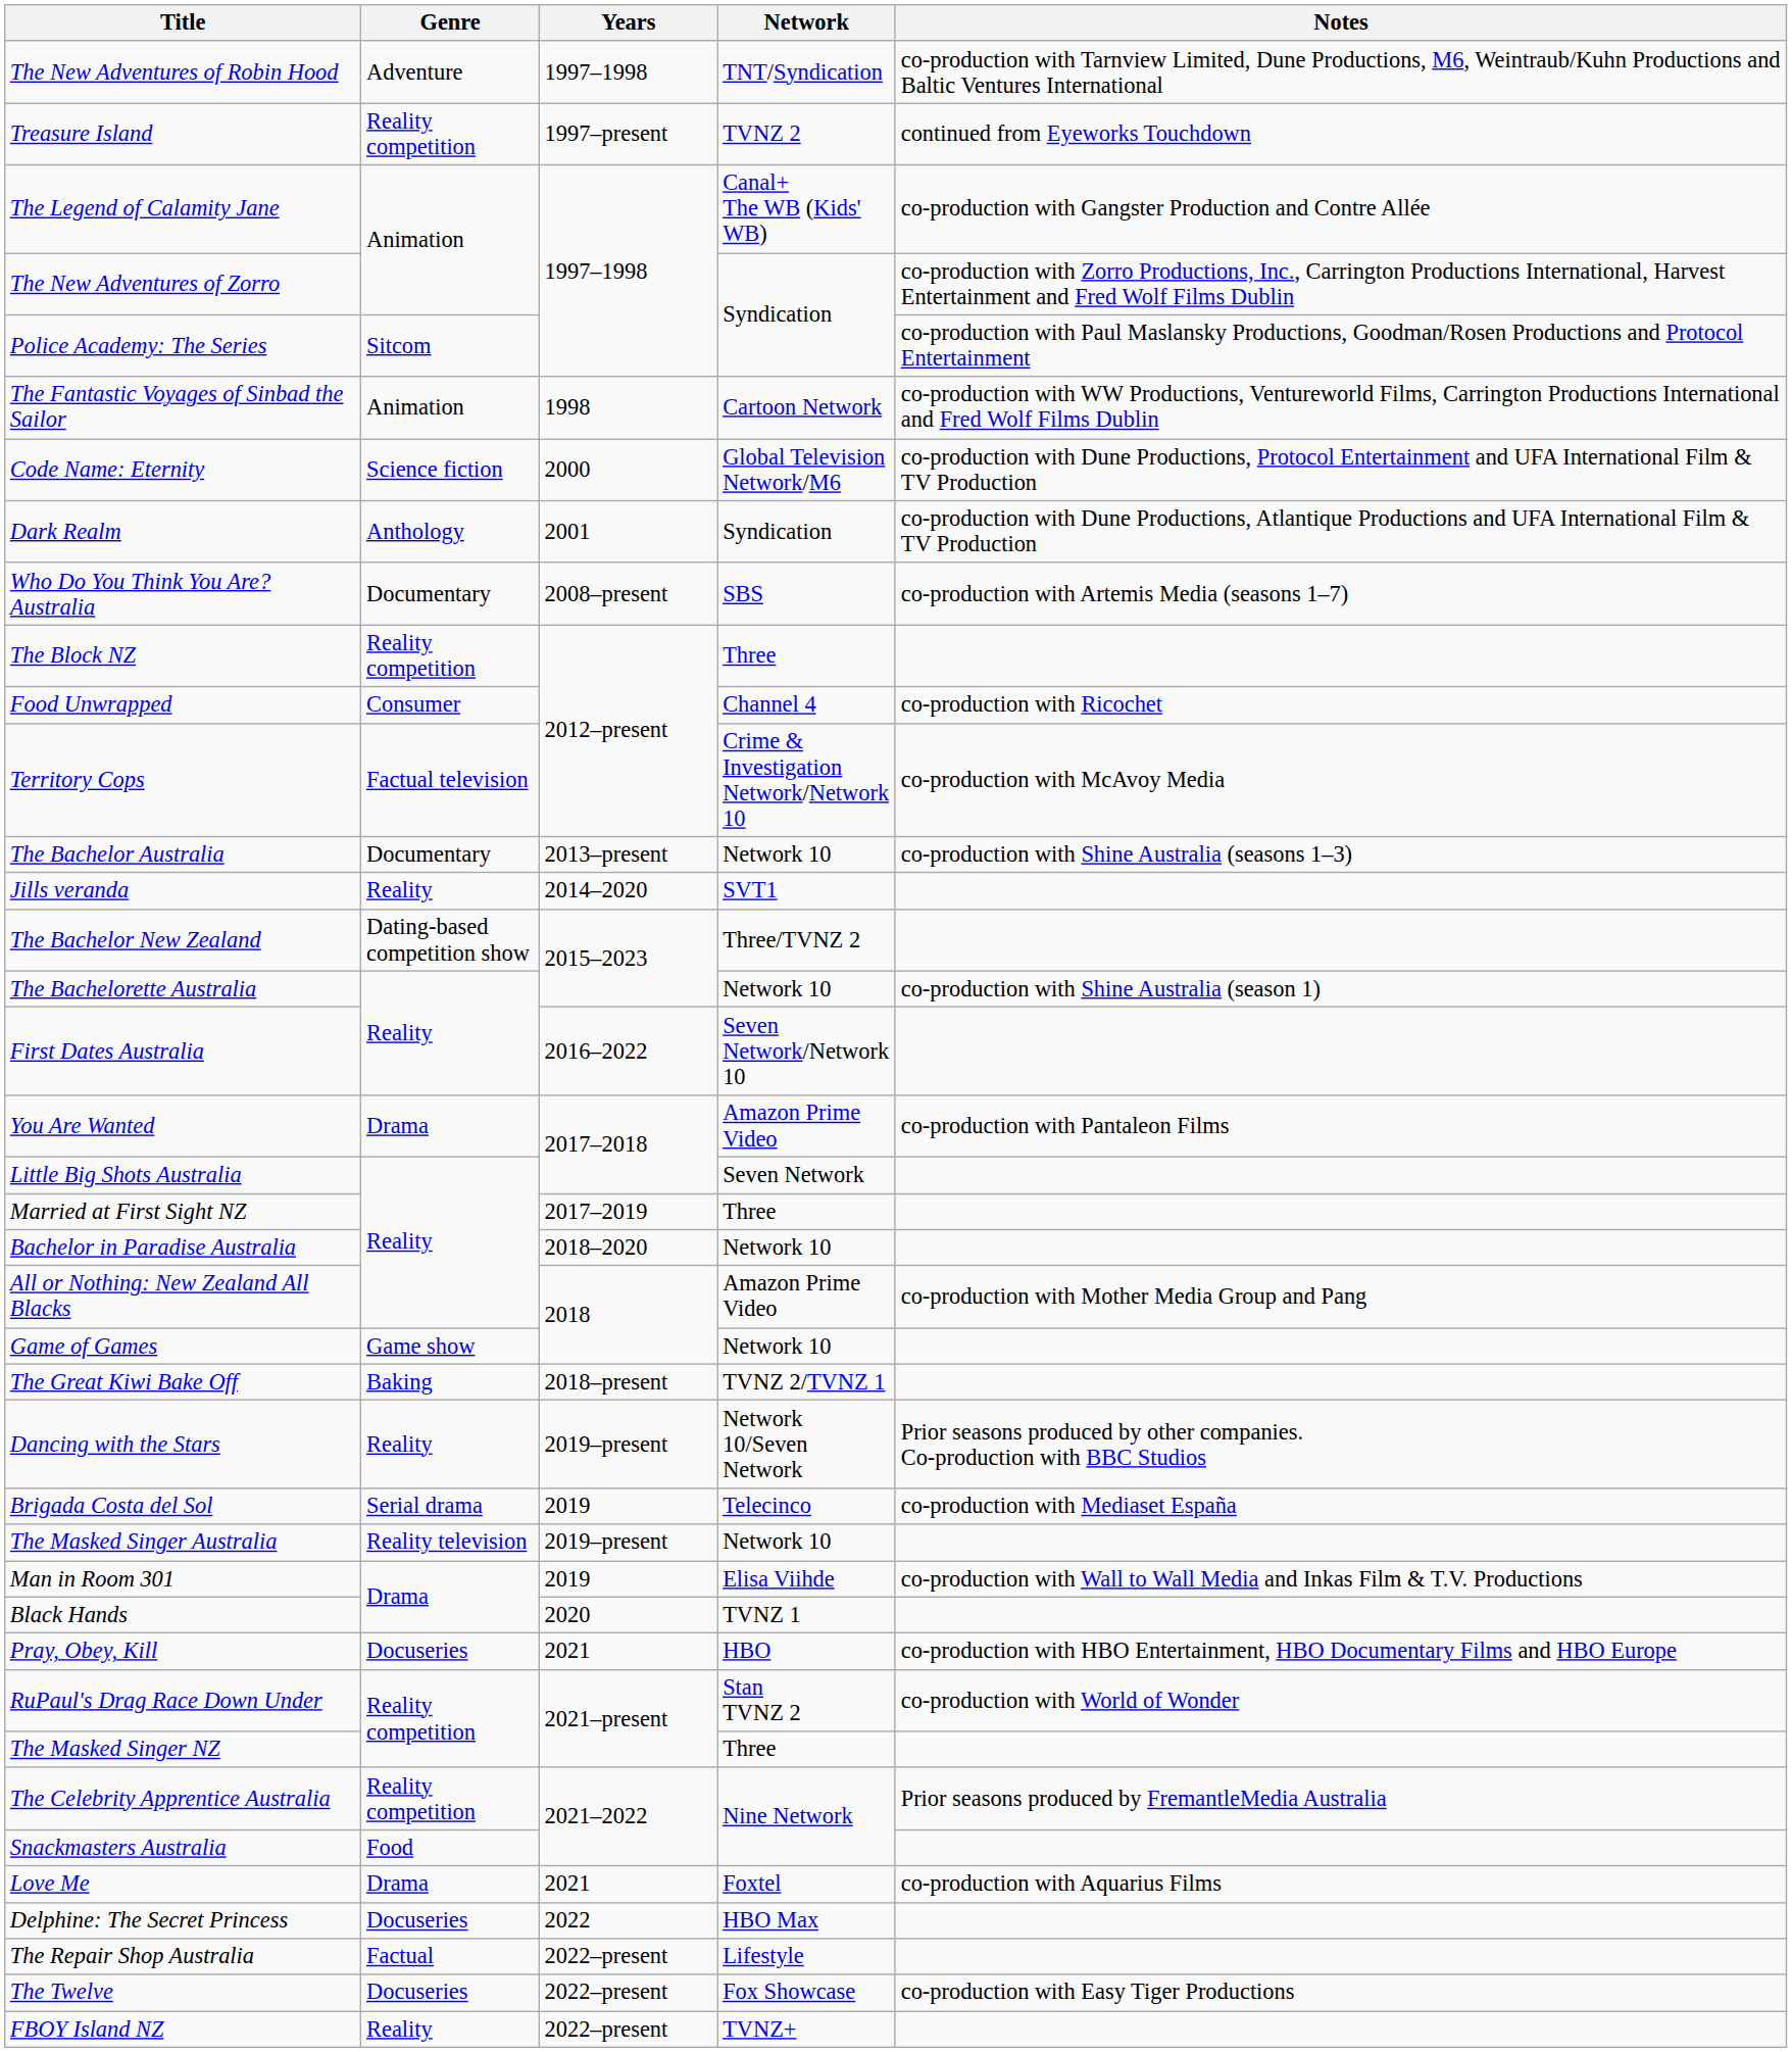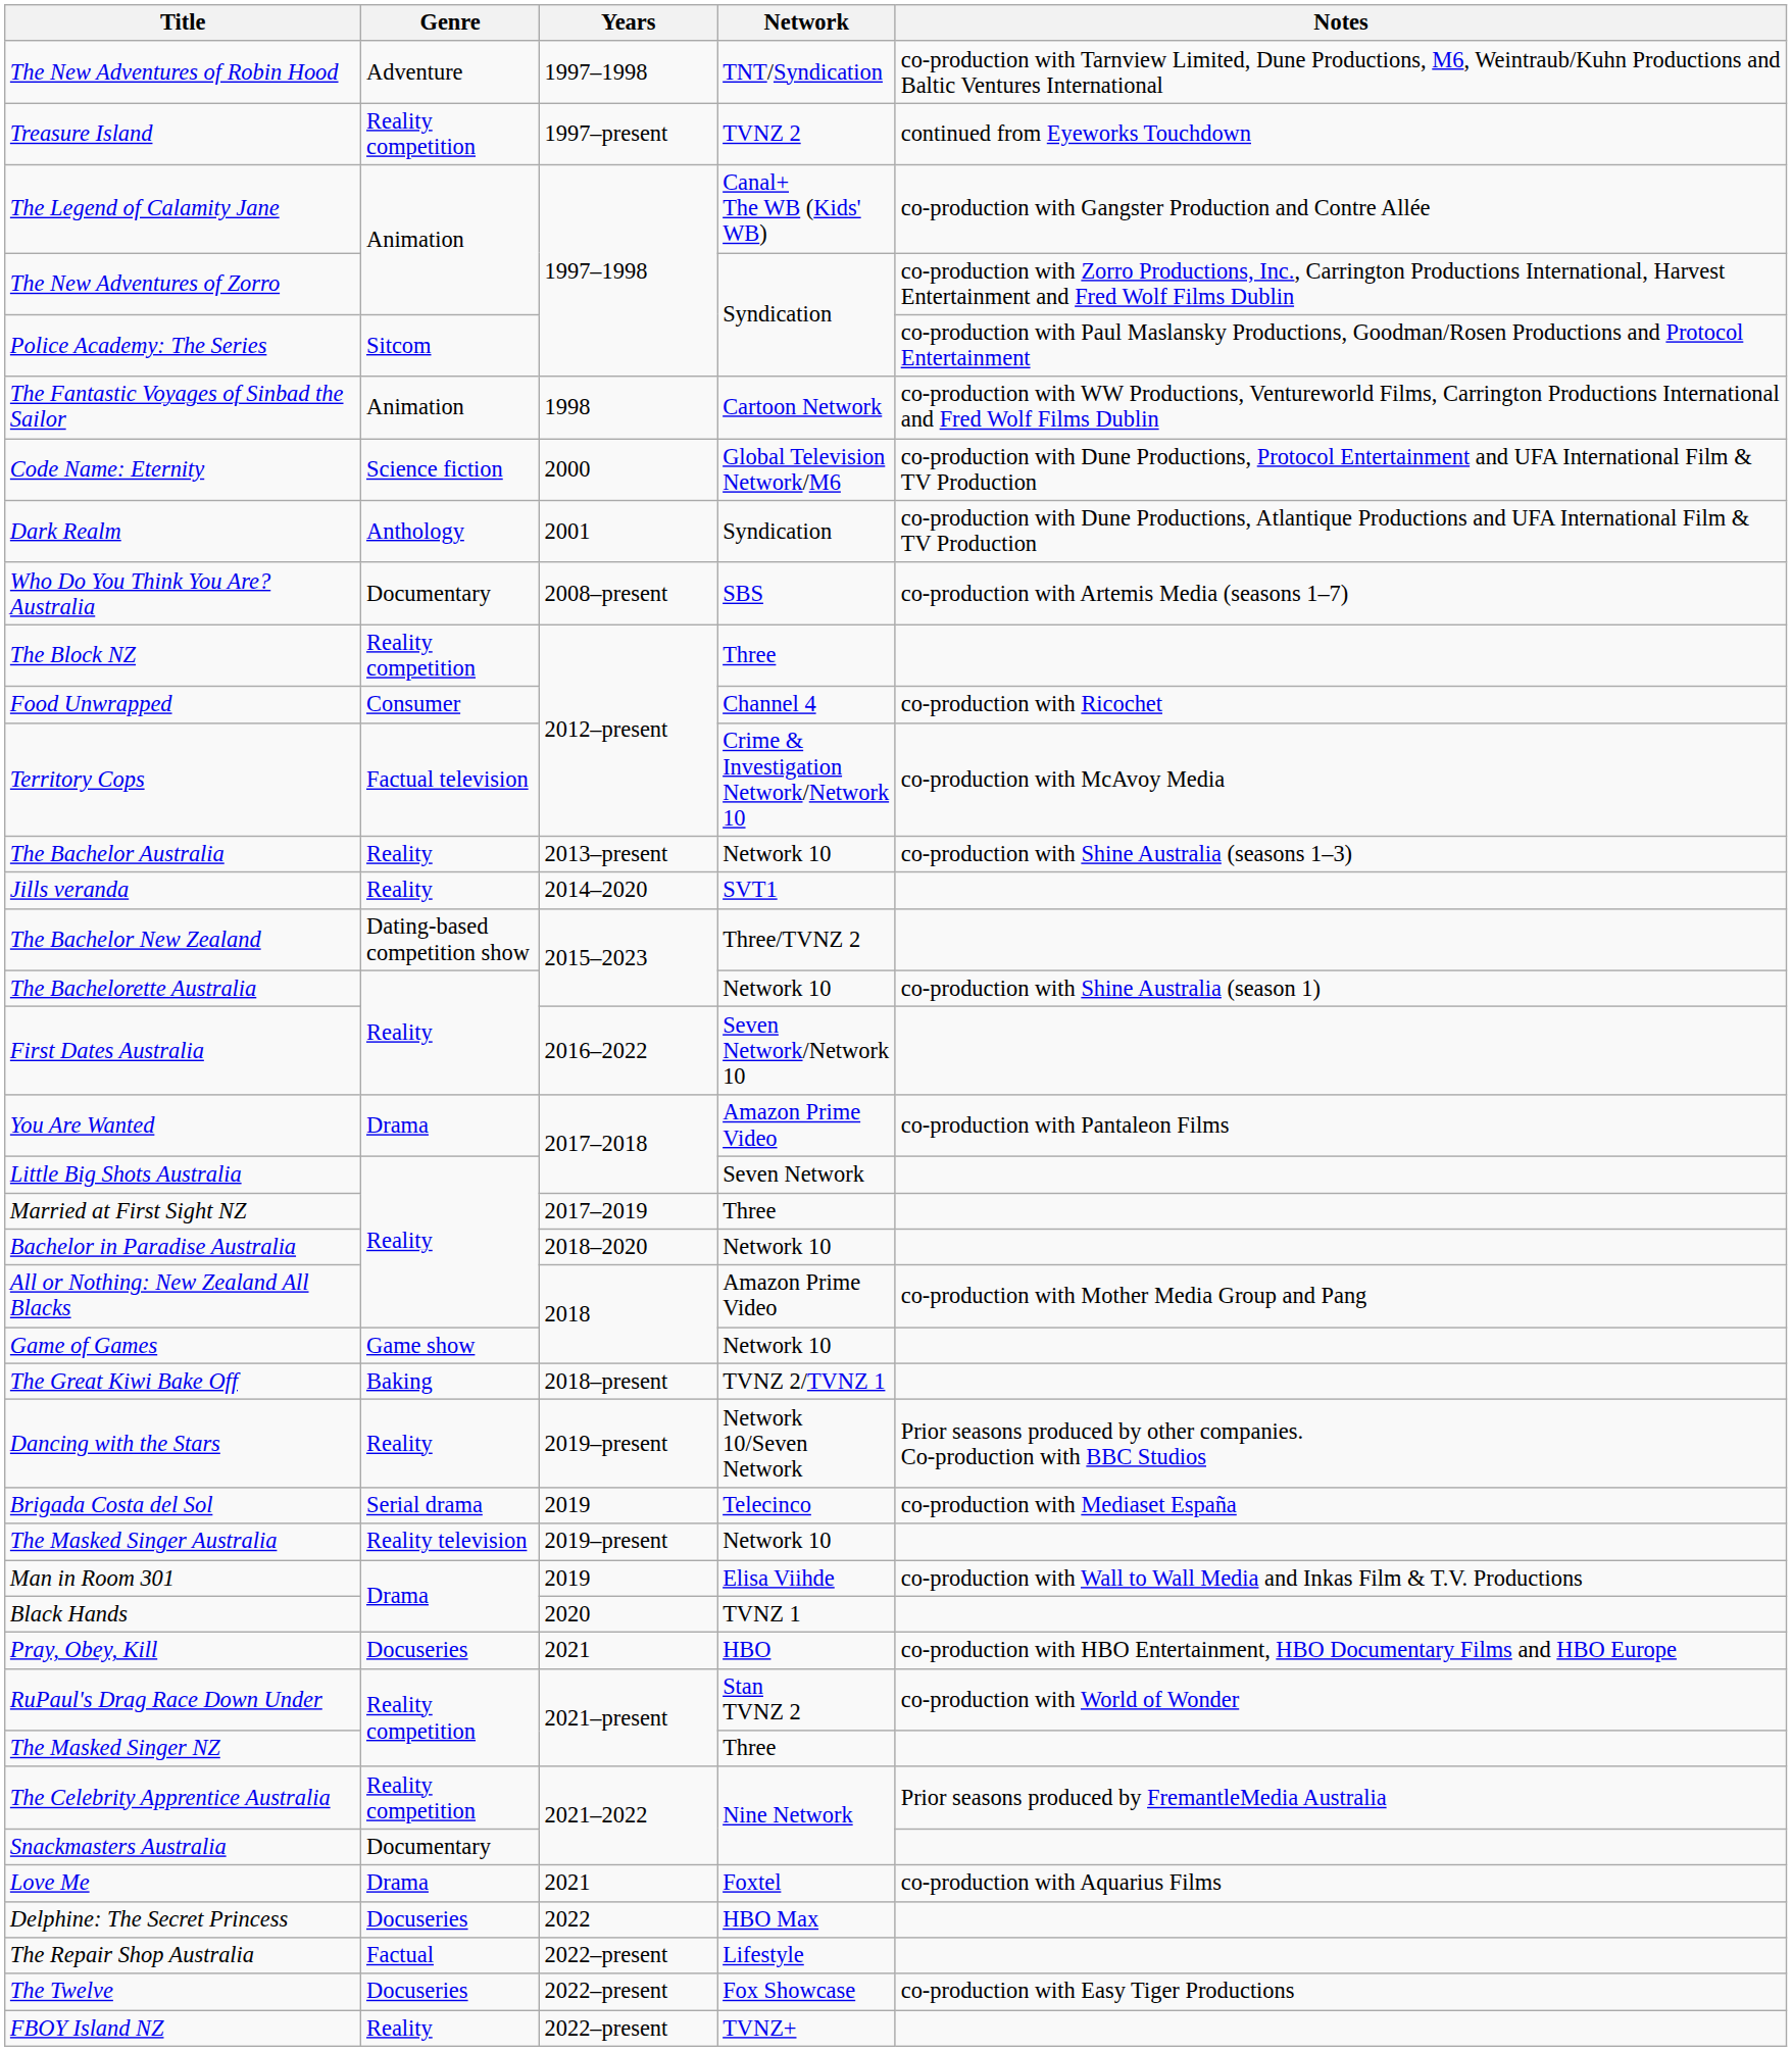 <table class="wikitable sortable">
 <tr>
 <th style="width:20%;">Title</th>
 <th style="width:10%;">Genre</th>
 <th style="width:10%;">Years</th>
 <th style="width:10%;">Network</th>
 <th style="width:60%;">Notes</th>
 </tr>
 <tr>
 <td><em><a href='#'>The New Adventures of Robin Hood</a></em></td>
 <td>Adventure</td>
 <td>1997–1998</td>
 <td><a href='#'>TNT</a>/<a href='#'>Syndication</a></td>
 <td>co-production with Tarnview Limited, Dune Productions, <a href='#'>M6</a>, Weintraub/Kuhn Productions and Baltic Ventures International</td>
 </tr>
 <tr>
 <td><em><a href='#'>Treasure Island</a></em></td>
 <td><a href='#'>Reality competition</a></td>
 <td>1997–present</td>
 <td><a href='#'>TVNZ 2</a></td>
 <td>continued from <a href='#'>Eyeworks Touchdown</a></td>
 </tr>
 <tr>
 <td><em><a href='#'>The Legend of Calamity Jane</a></em></td>
 <td rowspan="2">Animation</td>
 <td rowspan="3">1997–1998</td>
 <td><a href='#'>Canal+</a><br><a href='#'>The WB</a> (<a href='#'>Kids' WB</a>)</td>
 <td>co-production with Gangster Production and Contre Allée</td>
 </tr>
 <tr>
 <td><em><a href='#'>The New Adventures of Zorro</a></em></td>
 <td rowspan="2">Syndication</td>
 <td>co-production with <a href='#'>Zorro Productions, Inc.</a>, Carrington Productions International, Harvest Entertainment and <a href='#'>Fred Wolf Films Dublin</a></td>
 </tr>
 <tr>
 <td><em><a href='#'>Police Academy: The Series</a></em></td>
 <td><a href='#'>Sitcom</a></td>
 <td>co-production with Paul Maslansky Productions, Goodman/Rosen Productions and <a href='#'>Protocol Entertainment</a></td>
 </tr>
 <tr>
 <td><em><a href='#'>The Fantastic Voyages of Sinbad the Sailor</a></em></td>
 <td>Animation</td>
 <td>1998</td>
 <td><a href='#'>Cartoon Network</a></td>
 <td>co-production with WW Productions, Ventureworld Films, Carrington Productions International and <a href='#'>Fred Wolf Films Dublin</a></td>
 </tr>
 <tr>
 <td><em><a href='#'>Code Name: Eternity</a></em></td>
 <td><a href='#'>Science fiction</a></td>
 <td>2000</td>
 <td><a href='#'>Global Television Network</a>/<a href='#'>M6</a></td>
 <td>co-production with Dune Productions, <a href='#'>Protocol Entertainment</a> and UFA International Film & TV Production</td>
 </tr>
 <tr>
 <td><em><a href='#'>Dark Realm</a></em></td>
 <td><a href='#'>Anthology</a></td>
 <td>2001</td>
 <td>Syndication</td>
 <td>co-production with Dune Productions, Atlantique Productions and UFA International Film & TV Production</td>
 </tr>
 <tr>
 <td><em><a href='#'>Who Do You Think You Are? Australia</a></em></td>
 <td>Documentary</td>
 <td>2008–present</td>
 <td><a href='#'>SBS</a></td>
 <td>co-production with Artemis Media (seasons 1–7)</td>
 </tr>
 <tr>
 <td><em><a href='#'>The Block NZ</a></em></td>
 <td><a href='#'>Reality competition</a></td>
 <td rowspan="3">2012–present</td>
 <td><a href='#'>Three</a></td>
 <td></td>
 </tr>
 <tr>
 <td><em><a href='#'>Food Unwrapped</a></em></td>
 <td><a href='#'>Consumer</a></td>
 <td><a href='#'>Channel 4</a></td>
 <td>co-production with <a href='#'>Ricochet</a></td>
 </tr>
 <tr>
 <td><em><a href='#'>Territory Cops</a></em></td>
 <td><a href='#'>Factual television</a></td>
 <td><a href='#'>Crime & Investigation Network</a>/<a href='#'>Network 10</a></td>
 <td>co-production with McAvoy Media</td>
 </tr>
 <tr>
 <td><em><a href='#'>The Bachelor Australia</a></em></td>
-<td>Documentary</td>
+<td><a href='#'>Reality</a></td>
 <td>2013–present</td>
 <td>Network 10</td>
 <td>co-production with <a href='#'>Shine Australia</a> (seasons 1–3)</td>
 </tr>
 <tr>
 <td><em><a href='#'>Jills veranda</a></em></td>
 <td><a href='#'>Reality</a></td>
 <td>2014–2020</td>
 <td><a href='#'>SVT1</a></td>
 <td></td>
 </tr>
 <tr>
 <td><em><a href='#'>The Bachelor New Zealand</a></em></td>
 <td>Dating-based competition show</td>
 <td rowspan="2">2015–2023</td>
 <td>Three/TVNZ 2</td>
 <td></td>
 </tr>
 <tr>
 <td><em><a href='#'>The Bachelorette Australia</a></em></td>
 <td rowspan="2"><a href='#'>Reality</a></td>
 <td>Network 10</td>
 <td>co-production with <a href='#'>Shine Australia</a> (season 1)</td>
 </tr>
 <tr>
 <td><em><a href='#'>First Dates Australia</a></em></td>
 <td>2016–2022</td>
 <td><a href='#'>Seven Network</a>/Network 10</td>
 <td></td>
 </tr>
 <tr>
 <td><em><a href='#'>You Are Wanted</a></em></td>
 <td><a href='#'>Drama</a></td>
 <td rowspan="2">2017–2018</td>
 <td><a href='#'>Amazon Prime Video</a></td>
 <td>co-production with Pantaleon Films</td>
 </tr>
 <tr>
 <td><em><a href='#'>Little Big Shots Australia</a></em></td>
 <td rowspan="4"><a href='#'>Reality</a></td>
 <td>Seven Network</td>
 <td></td>
 </tr>
 <tr>
 <td><em>Married at First Sight NZ</em></td>
 <td>2017–2019</td>
 <td>Three</td>
 <td></td>
 </tr>
 <tr>
 <td><em><a href='#'>Bachelor in Paradise Australia</a></em></td>
 <td>2018–2020</td>
 <td>Network 10</td>
 <td></td>
 </tr>
 <tr>
 <td><em><a href='#'>All or Nothing: New Zealand All Blacks</a></em></td>
 <td rowspan="2">2018</td>
 <td>Amazon Prime Video</td>
 <td>co-production with Mother Media Group and Pang</td>
 </tr>
 <tr>
 <td><em><a href='#'>Game of Games</a></em></td>
 <td><a href='#'>Game show</a></td>
 <td>Network 10</td>
 <td></td>
 </tr>
 <tr>
 <td><em><a href='#'>The Great Kiwi Bake Off</a></em></td>
 <td><a href='#'>Baking</a></td>
 <td>2018–present</td>
 <td>TVNZ 2/<a href='#'>TVNZ 1</a></td>
 <td></td>
 </tr>
 <tr>
 <td><em><a href='#'>Dancing with the Stars</a></em></td>
 <td><a href='#'>Reality</a></td>
 <td>2019–present</td>
 <td>Network 10/Seven Network</td>
 <td>Prior seasons produced by other companies.<br>Co-production with <a href='#'>BBC Studios</a></td>
 </tr>
 <tr>
 <td><em><a href='#'>Brigada Costa del Sol</a></em></td>
 <td><a href='#'>Serial drama</a></td>
 <td>2019</td>
 <td><a href='#'>Telecinco</a></td>
 <td>co-production with <a href='#'>Mediaset España</a></td>
 </tr>
 <tr>
 <td><em><a href='#'>The Masked Singer Australia</a></em></td>
 <td><a href='#'>Reality television</a></td>
 <td>2019–present</td>
 <td>Network 10</td>
 <td></td>
 </tr>
 <tr>
 <td><em>Man in Room 301</em></td>
 <td rowspan="2"><a href='#'>Drama</a></td>
 <td>2019</td>
 <td><a href='#'>Elisa Viihde</a></td>
 <td>co-production with <a href='#'>Wall to Wall Media</a> and Inkas Film & T.V. Productions</td>
 </tr>
 <tr>
 <td><em>Black Hands</em></td>
 <td>2020</td>
 <td>TVNZ 1</td>
 <td></td>
 </tr>
 <tr>
 <td><em><a href='#'>Pray, Obey, Kill</a></em></td>
 <td><a href='#'>Docuseries</a></td>
 <td>2021</td>
 <td><a href='#'>HBO</a></td>
 <td>co-production with HBO Entertainment, <a href='#'>HBO Documentary Films</a> and <a href='#'>HBO Europe</a></td>
 </tr>
 <tr>
 <td><em><a href='#'>RuPaul's Drag Race Down Under</a></em></td>
 <td rowspan="2"><a href='#'>Reality competition</a></td>
 <td rowspan="2">2021–present</td>
 <td><a href='#'>Stan</a><br>TVNZ 2</td>
 <td>co-production with <a href='#'>World of Wonder</a></td>
 </tr>
 <tr>
 <td><em><a href='#'>The Masked Singer NZ</a></em></td>
 <td>Three</td>
 <td></td>
 </tr>
 <tr>
 <td><em><a href='#'>The Celebrity Apprentice Australia</a></em></td>
 <td><a href='#'>Reality competition</a></td>
 <td rowspan="2">2021–2022</td>
 <td rowspan="2"><a href='#'>Nine Network</a></td>
 <td>Prior seasons produced by <a href='#'>FremantleMedia Australia</a></td>
 </tr>
 <tr>
 <td><em><a href='#'>Snackmasters Australia</a></em></td>
-<td><a href='#'>Food</a></td>
+<td>Documentary</td>
 <td></td>
 </tr>
 <tr>
 <td><em><a href='#'>Love Me</a></em></td>
 <td><a href='#'>Drama</a></td>
 <td>2021</td>
 <td><a href='#'>Foxtel</a></td>
 <td>co-production with Aquarius Films</td>
 </tr>
 <tr>
 <td><em>Delphine: The Secret Princess</em></td>
 <td><a href='#'>Docuseries</a></td>
 <td>2022</td>
 <td><a href='#'>HBO Max</a></td>
 <td></td>
 </tr>
 <tr>
 <td><em>The Repair Shop Australia</em></td>
 <td><a href='#'>Factual</a></td>
 <td>2022–present</td>
 <td><a href='#'>Lifestyle</a></td>
 <td></td>
 </tr>
 <tr>
 <td><em><a href='#'>The Twelve</a></em></td>
 <td><a href='#'>Docuseries</a></td>
 <td>2022–present</td>
 <td><a href='#'>Fox Showcase</a></td>
 <td>co-production with Easy Tiger Productions</td>
 </tr>
 <tr>
 <td><em><a href='#'>FBOY Island NZ</a></em></td>
 <td><a href='#'>Reality</a></td>
 <td>2022–present</td>
 <td><a href='#'>TVNZ+</a></td>
 <td></td>
 </tr>
 </table>
